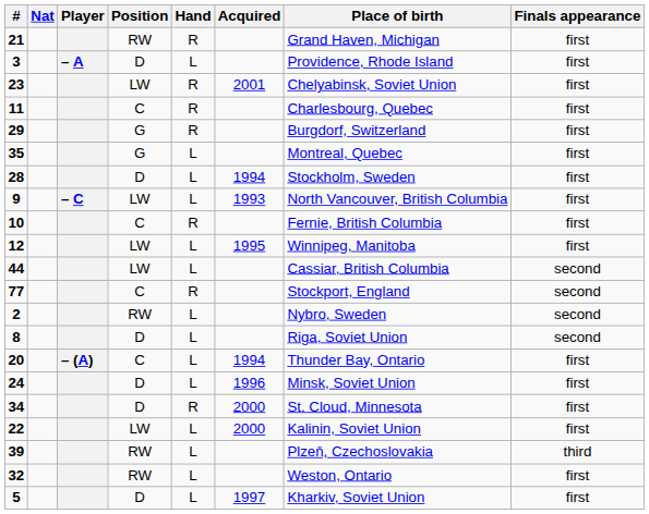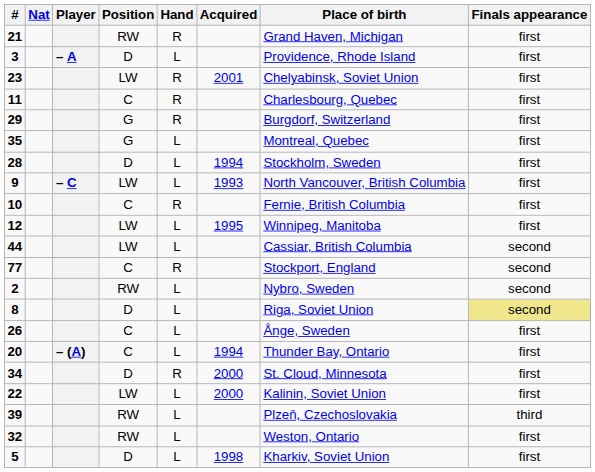 <table class="sortable wikitable plainrowheaders" style="text-align:center;">
 <tr style="background:#ddd;">
 <th scope="col">#</th>
 <th scope="col"><a href='#'>Nat</a></th>
 <th scope="col">Player</th>
 <th scope="col">Position</th>
 <th scope="col">Hand</th>
 <th scope="col">Acquired</th>
 <th scope="col" class="unsortable">Place of birth</th>
 <th scope="col" class="unsortable">Finals appearance</th>
 </tr>
 <tr>
 <td><strong>21</strong></td>
 <td></td>
 <th scope="row" style="text-align:left;"></th>
 <td>RW</td>
 <td>R</td>
 <td></td>
 <td style="text-align:left;"><a href='#'>Grand Haven, Michigan</a></td>
 <td>first</td>
 </tr>
 <tr>
 <td><strong>3</strong></td>
 <td></td>
 <th scope="row" style="text-align:left;"> – <strong><a href='#'>A</a></strong></th>
 <td>D</td>
 <td>L</td>
 <td></td>
 <td style="text-align:left;"><a href='#'>Providence, Rhode Island</a></td>
 <td>first</td>
 </tr>
 <tr>
 <td><strong>23</strong></td>
 <td></td>
 <th scope="row" style="text-align:left;"></th>
 <td>LW</td>
 <td>R</td>
 <td><a href='#'>2001</a></td>
 <td style="text-align:left;"><a href='#'>Chelyabinsk, Soviet Union</a></td>
 <td>first</td>
 </tr>
 <tr>
 <td><strong>11</strong></td>
 <td></td>
 <th scope="row" style="text-align:left;"></th>
 <td>C</td>
 <td>R</td>
 <td></td>
 <td style="text-align:left;"><a href='#'>Charlesbourg, Quebec</a></td>
 <td>first</td>
 </tr>
 <tr>
 <td><strong>29</strong></td>
 <td></td>
 <th scope="row" style="text-align:left;"></th>
 <td>G</td>
 <td>R</td>
 <td></td>
 <td style="text-align:left;"><a href='#'>Burgdorf, Switzerland</a></td>
 <td>first</td>
 </tr>
 <tr>
 <td><strong>35</strong></td>
 <td></td>
 <th scope="row" style="text-align:left;"></th>
 <td>G</td>
 <td>L</td>
 <td></td>
 <td style="text-align:left;"><a href='#'>Montreal, Quebec</a></td>
 <td>first</td>
 </tr>
 <tr>
 <td><strong>28</strong></td>
 <td></td>
 <th scope="row" style="text-align:left;"></th>
 <td>D</td>
 <td>L</td>
 <td><a href='#'>1994</a></td>
 <td style="text-align:left;"><a href='#'>Stockholm, Sweden</a></td>
 <td>first</td>
 </tr>
 <tr>
 <td><strong>9</strong></td>
 <td></td>
 <th scope="row" style="text-align:left;"> – <strong><a href='#'>C</a></strong></th>
 <td>LW</td>
 <td>L</td>
 <td><a href='#'>1993</a></td>
 <td style="text-align:left;"><a href='#'>North Vancouver, British Columbia</a></td>
 <td>first</td>
 </tr>
 <tr>
 <td><strong>10</strong></td>
 <td></td>
 <th scope="row" style="text-align:left;"></th>
 <td>C</td>
 <td>R</td>
 <td></td>
 <td style="text-align:left;"><a href='#'>Fernie, British Columbia</a></td>
 <td>first</td>
 </tr>
 <tr>
 <td><strong>12</strong></td>
 <td></td>
 <th scope="row" style="text-align:left;"></th>
 <td>LW</td>
 <td>L</td>
 <td><a href='#'>1995</a></td>
 <td style="text-align:left;"><a href='#'>Winnipeg, Manitoba</a></td>
 <td>first</td>
 </tr>
 <tr>
 <td><strong>44</strong></td>
 <td></td>
 <th scope="row" style="text-align:left;"></th>
 <td>LW</td>
 <td>L</td>
 <td></td>
 <td style="text-align:left;"><a href='#'>Cassiar, British Columbia</a></td>
 <td>second </td>
 </tr>
 <tr>
 <td><strong>77</strong></td>
 <td></td>
 <th scope="row" style="text-align:left;"></th>
 <td>C</td>
 <td>R</td>
 <td></td>
 <td style="text-align:left;"><a href='#'>Stockport, England</a></td>
 <td>second </td>
 </tr>
 <tr>
 <td><strong>2</strong></td>
 <td></td>
 <th scope="row" style="text-align:left;"></th>
 <td>RW</td>
 <td>L</td>
 <td></td>
 <td style="text-align:left;"><a href='#'>Nybro, Sweden</a></td>
 <td>second </td>
 </tr>
 <tr>
 <td><strong>8</strong></td>
 <td></td>
 <th scope="row" style="text-align:left;"></th>
 <td>D</td>
 <td>L</td>
 <td></td>
 <td style="text-align:left;"><a href='#'>Riga, Soviet Union</a></td>
-<td>second </td>
+<td style="background: khaki;">second </td>
+</tr>
+<tr>
+<td><strong>26</strong></td>
+<td></td>
+<th scope="row" style="text-align:left;"></th>
+<td>C</td>
+<td>L</td>
+<td></td>
+<td style="text-align:left;"><a href='#'>Ånge, Sweden</a></td>
+<td>first</td>
 </tr>
 <tr>
 <td><strong>20</strong></td>
 <td></td>
 <th scope="row" style="text-align:left;"> – (<strong><a href='#'>A</a></strong>)</th>
 <td>C</td>
 <td>L</td>
 <td><a href='#'>1994</a></td>
 <td style="text-align:left;"><a href='#'>Thunder Bay, Ontario</a></td>
-<td>first</td>
-</tr>
-<tr>
-<td><strong>24</strong></td>
-<td></td>
-<th scope="row" style="text-align:left;"></th>
-<td>D</td>
-<td>L</td>
-<td><a href='#'>1996</a></td>
-<td style="text-align:left;"><a href='#'>Minsk, Soviet Union</a></td>
 <td>first</td>
 </tr>
 <tr>
 <td><strong>34</strong></td>
 <td></td>
 <th scope="row" style="text-align:left;"></th>
 <td>D</td>
 <td>R</td>
 <td><a href='#'>2000</a></td>
 <td style="text-align:left;"><a href='#'>St. Cloud, Minnesota</a></td>
 <td>first</td>
 </tr>
 <tr>
 <td><strong>22</strong></td>
 <td></td>
 <th scope="row" style="text-align:left;"></th>
 <td>LW</td>
 <td>L</td>
 <td><a href='#'>2000</a></td>
 <td style="text-align:left;"><a href='#'>Kalinin, Soviet Union</a></td>
 <td>first</td>
 </tr>
 <tr>
 <td><strong>39</strong></td>
 <td></td>
 <th scope="row" style="text-align:left;"></th>
 <td>RW</td>
 <td>L</td>
 <td></td>
 <td style="text-align:left;"><a href='#'>Plzeň, Czechoslovakia</a></td>
 <td>third </td>
 </tr>
 <tr>
 <td><strong>32</strong></td>
 <td></td>
 <th scope="row" style="text-align:left;"></th>
 <td>RW</td>
 <td>L</td>
 <td></td>
 <td style="text-align:left;"><a href='#'>Weston, Ontario</a></td>
 <td>first</td>
 </tr>
 <tr>
 <td><strong>5</strong></td>
 <td></td>
 <th scope="row" style="text-align:left;"></th>
 <td>D</td>
 <td>L</td>
-<td><a href='#'>1997</a></td>
+<td><a href='#'>1998</a></td>
 <td style="text-align:left;"><a href='#'>Kharkiv, Soviet Union</a></td>
 <td>first</td>
 </tr>
 </table>
